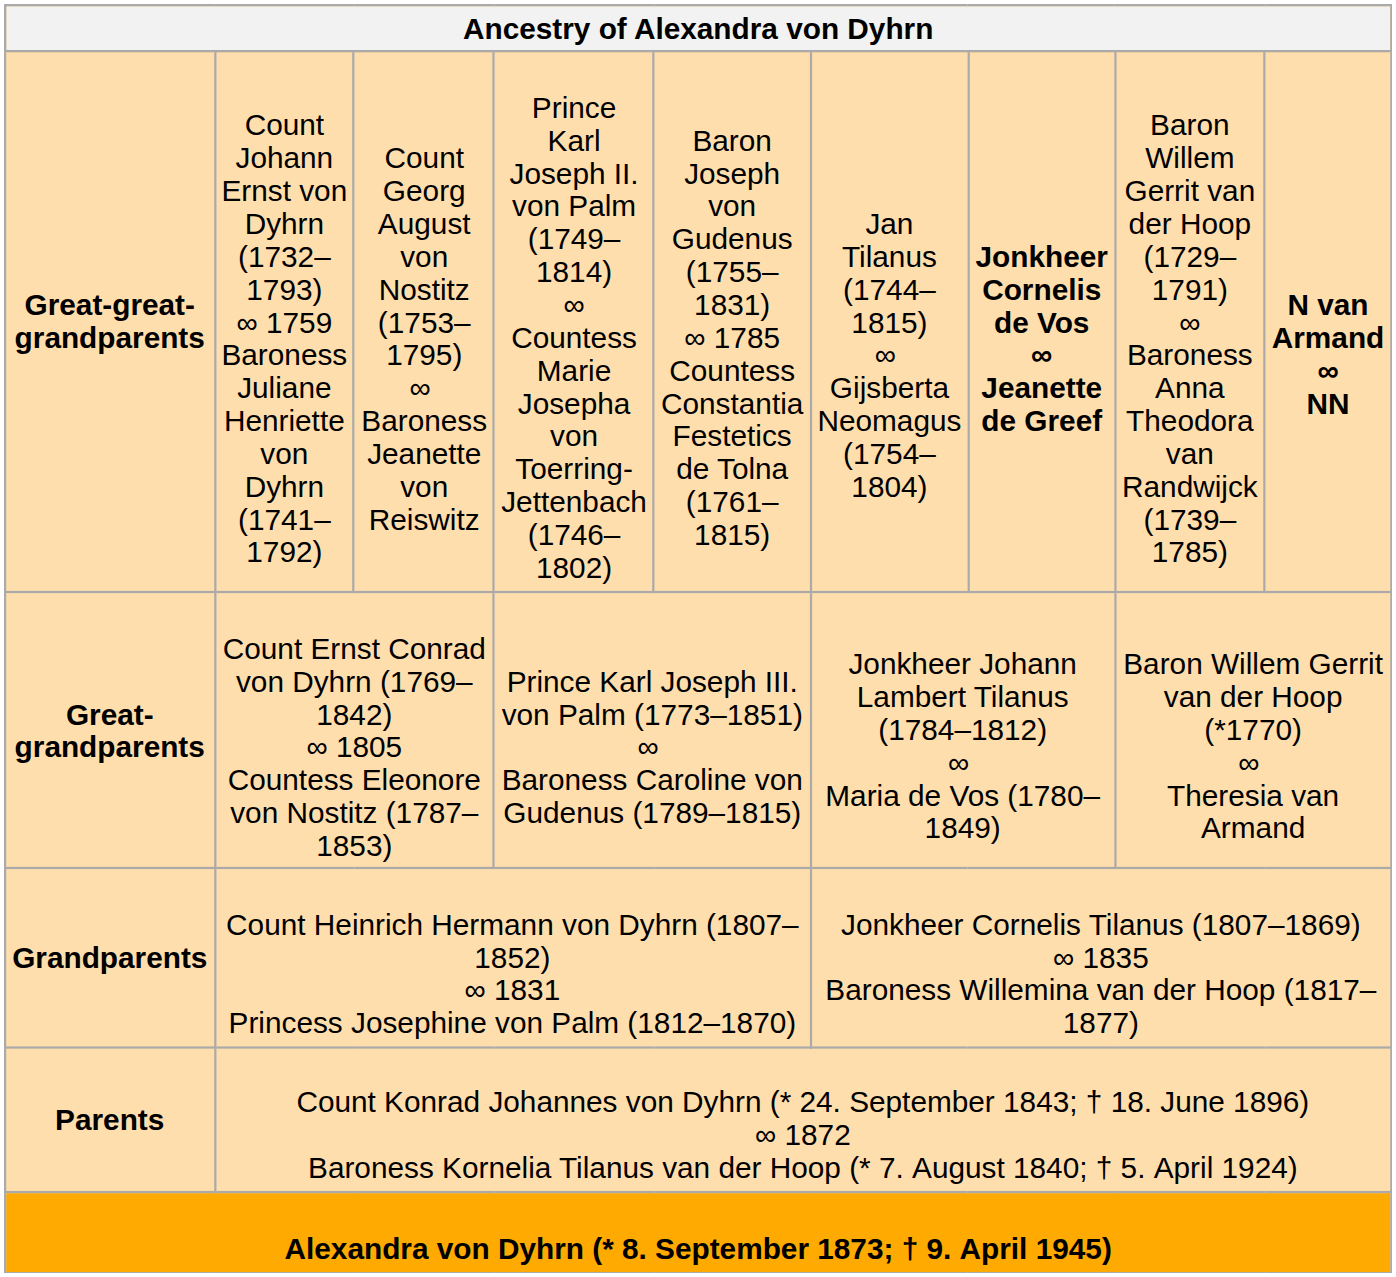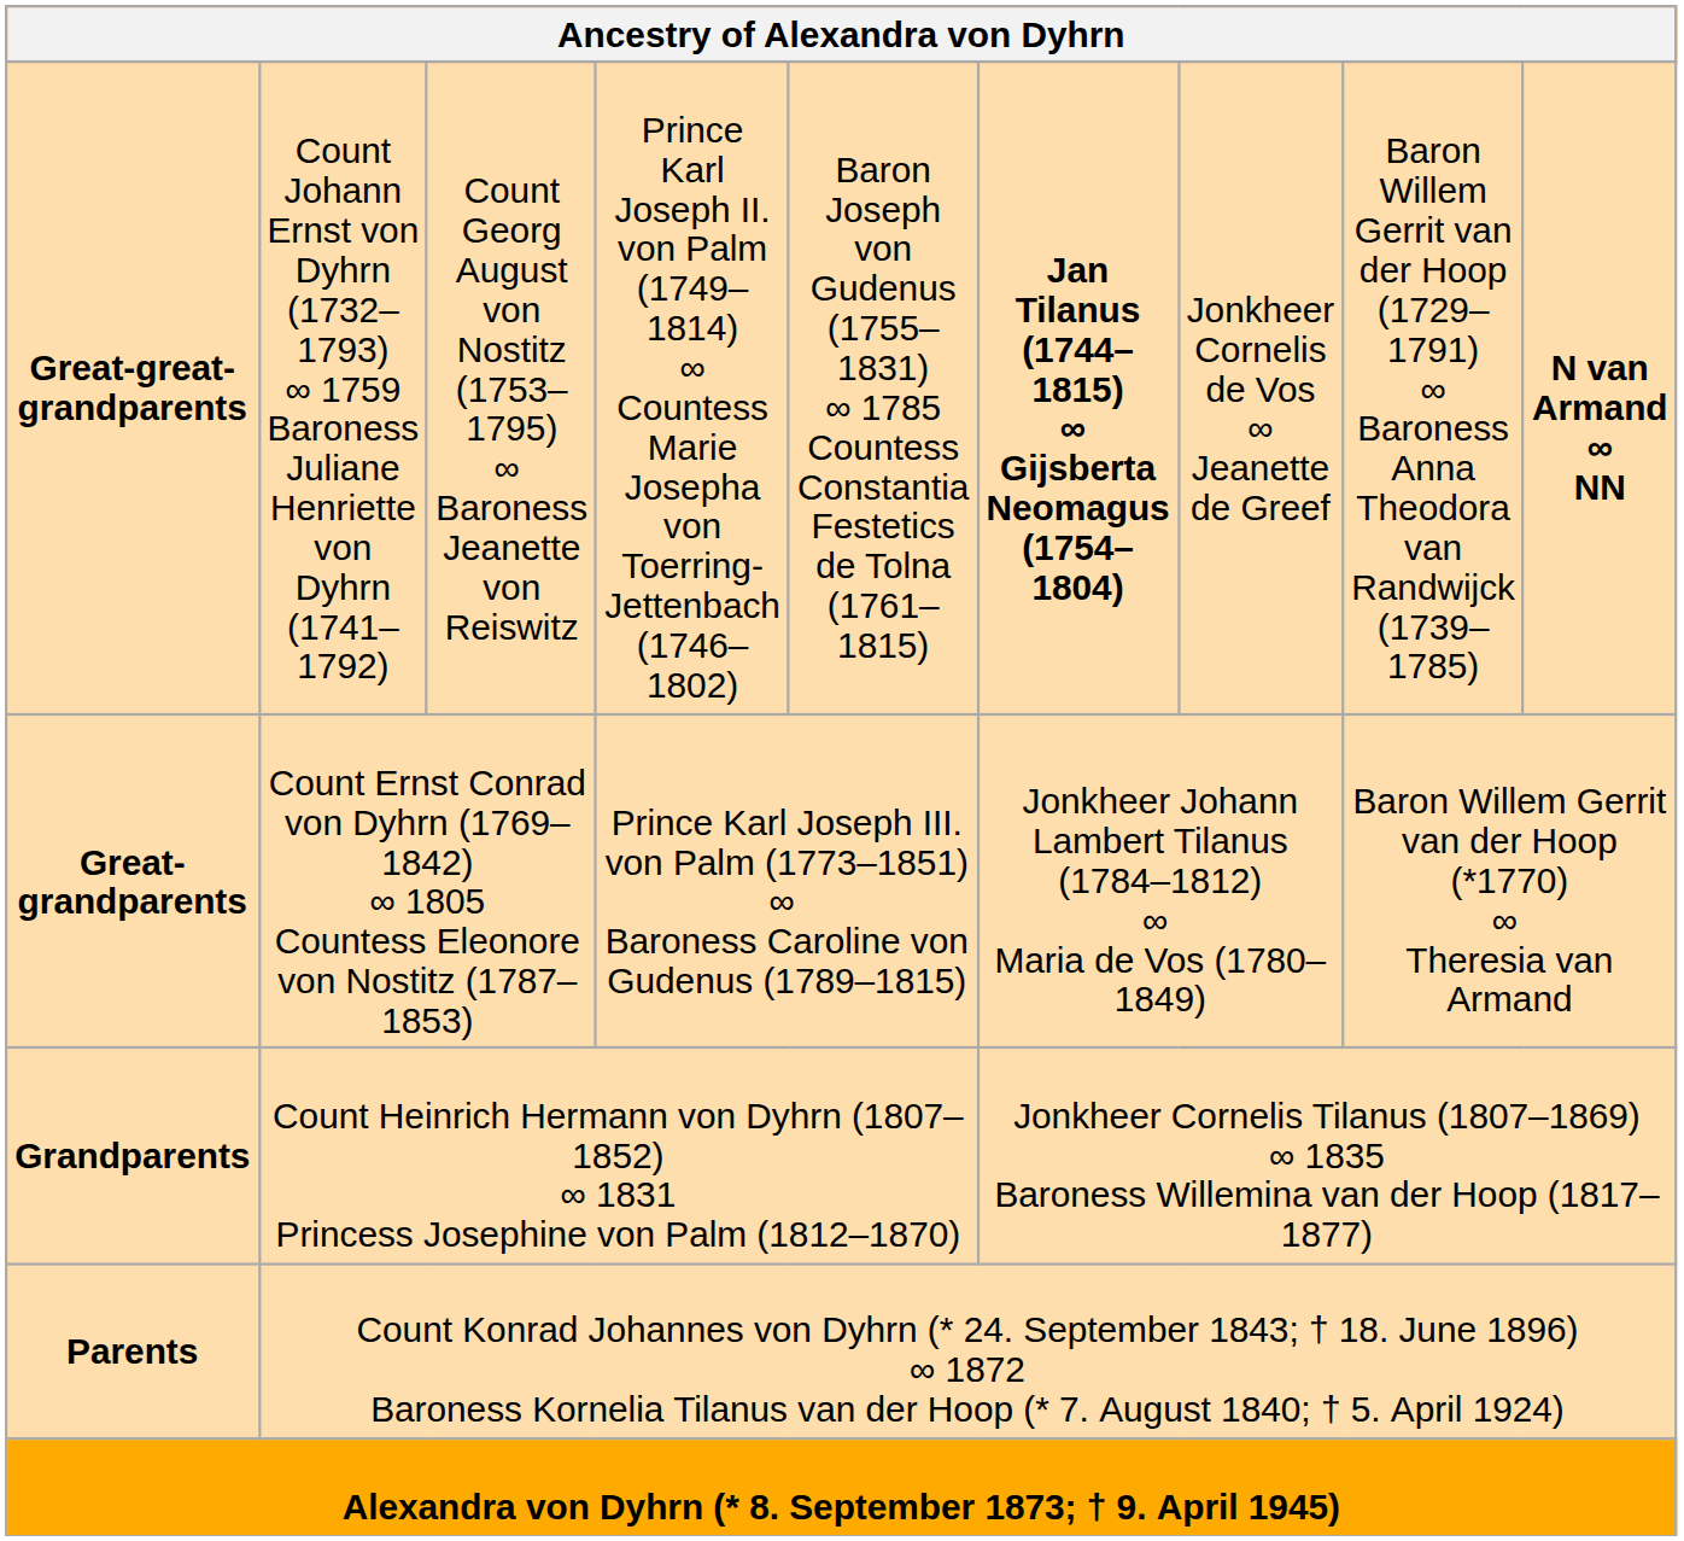 <table class="wikitable" style="background:#ffdead; font-size:85%; text-align:center;">
 <tr style="background:#ff8800;">
 <th colspan="9">Ancestry of Alexandra von Dyhrn</th>
 </tr>
 <tr>
 <td><strong>Great-great-grandparents</strong></td>
 <td><br>Count<br>Johann Ernst von Dyhrn<br>(1732–1793)<br> ∞ 1759<br> Baroness<br>Juliane Henriette von Dyhrn<br>(1741–1792)<br></td>
 <td><br>Count<br>Georg August von Nostitz<br>(1753–1795)<br> ∞  <br> Baroness<br>Jeanette von Reiswitz<br></td>
 <td><br>Prince<br>Karl Joseph II. von Palm (1749–1814) <br> ∞ <br> Countess<br>Marie Josepha von Toerring-Jettenbach (1746–1802)</td>
 <td><br>Baron<br>Joseph von Gudenus (1755–1831)<br> ∞ 1785<br> Countess<br>Constantia Festetics de Tolna (1761–1815)</td>
-<td><br><br>Jan Tilanus (1744–1815)<br> ∞  <br> Gijsberta Neomagus<br>(1754–1804)<br></td>
-<td><strong><br>Jonkheer Cornelis de Vos<br> ∞ <br> Jeanette de Greef</strong></td>
+<td><strong><br><br>Jan Tilanus (1744–1815)<br> ∞  <br> Gijsberta Neomagus<br>(1754–1804)<br></strong></td>
+<td><br>Jonkheer Cornelis de Vos<br> ∞ <br> Jeanette de Greef</td>
 <td><br>Baron<br>Willem Gerrit van der Hoop (1729–1791)<br> ∞ <br> Baroness<br>Anna Theodora van Randwijck (1739–1785)<br></td>
 <td><strong><br><br>N van Armand<br> ∞ <br> NN<br></strong></td>
 </tr>
 <tr>
 <td><strong>Great-grandparents</strong></td>
 <td colspan="2"><br>Count Ernst Conrad von Dyhrn (1769–1842)<br> ∞ 1805<br> Countess Eleonore von Nostitz (1787–1853)<br></td>
 <td colspan="2"><br>Prince Karl Joseph III. von Palm (1773–1851)<br> ∞  <br> Baroness Caroline von Gudenus (1789–1815)<br></td>
 <td colspan="2"><br>Jonkheer Johann Lambert Tilanus (1784–1812)<br> ∞  <br> Maria de Vos (1780–1849)</td>
 <td colspan="2"><br>Baron Willem Gerrit van der Hoop (*1770)<br> ∞  <br> Theresia van Armand</td>
 </tr>
 <tr>
 <td><strong>Grandparents</strong></td>
 <td colspan="4"><br>Count Heinrich Hermann von Dyhrn (1807–1852)<br> ∞ 1831<br> Princess Josephine von Palm  (1812–1870)</td>
 <td colspan="4"><br>Jonkheer Cornelis Tilanus (1807–1869)<br> ∞ 1835<br> Baroness Willemina van der Hoop (1817–1877)<br></td>
 </tr>
 <tr>
 <td><strong>Parents</strong></td>
 <td colspan="8"><br>Count Konrad Johannes von Dyhrn (* 24. September 1843; † 18. June 1896)<br> ∞ 1872<br> Baroness Kornelia Tilanus van der Hoop (* 7. August 1840; † 5. April 1924)<br></td>
 </tr>
 <tr style="background:#fa0;">
 <td colspan="9"><br><strong>Alexandra von Dyhrn (* 8. September 1873; † 9. April 1945)</strong><br></td>
 </tr>
 </table>
